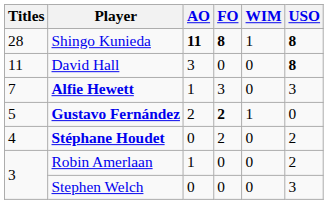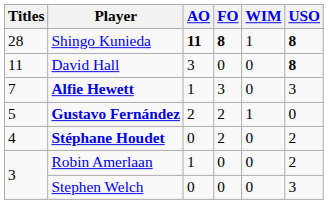 <table class="wikitable sortable">
 <tr>
 <th scope="col">Titles</th>
 <th scope="col">Player</th>
 <th scope="col"><a href='#'>AO</a></th>
 <th scope="col"><a href='#'>FO</a></th>
 <th scope="col"><a href='#'>WIM</a></th>
 <th scope="col"><a href='#'>USO</a></th>
 </tr>
 <tr>
 <td>28</td>
 <td style="text-align:left"> <a href='#'>Shingo Kunieda</a></td>
 <td><strong>11</strong></td>
 <td><strong>8</strong></td>
 <td>1</td>
 <td><strong>8</strong></td>
 </tr>
 <tr>
 <td>11</td>
 <td style="text-align:left"> <a href='#'>David Hall</a></td>
 <td>3</td>
 <td>0</td>
 <td>0</td>
 <td><strong>8</strong></td>
 </tr>
 <tr>
 <td>7</td>
 <td style="text-align:left"> <strong><a href='#'>Alfie Hewett</a></strong></td>
 <td>1</td>
 <td>3</td>
 <td>0</td>
 <td>3</td>
 </tr>
 <tr>
 <td>5</td>
 <td style="text-align:left"> <strong><a href='#'>Gustavo Fernández</a></strong></td>
 <td>2</td>
-<td><strong>2</strong></td>
+<td>2</td>
 <td>1</td>
 <td>0</td>
 </tr>
 <tr>
 <td>4</td>
 <td style="text-align:left"> <strong><a href='#'>Stéphane Houdet</a></strong></td>
 <td>0</td>
 <td>2</td>
 <td>0</td>
 <td>2</td>
 </tr>
 <tr>
 <td rowspan="2">3</td>
 <td style="text-align:left"> <a href='#'>Robin Amerlaan</a></td>
 <td>1</td>
 <td>0</td>
 <td>0</td>
 <td>2</td>
 </tr>
 <tr>
 <td style="text-align:left"> <a href='#'>Stephen Welch</a></td>
 <td>0</td>
 <td>0</td>
 <td>0</td>
 <td>3</td>
 </tr>
 </table>
